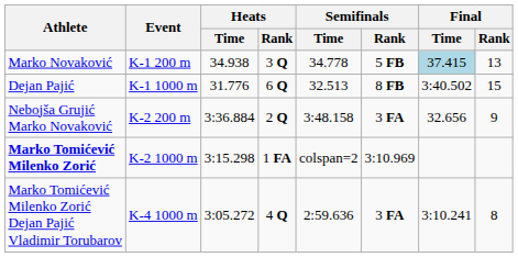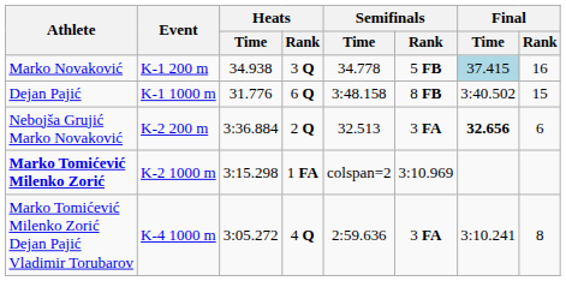 <table class=wikitable style="font-size:90%">
 <tr>
 <th rowspan="2">Athlete</th>
 <th rowspan="2">Event</th>
 <th colspan=2>Heats</th>
 <th colspan=2>Semifinals</th>
 <th colspan=2>Final</th>
 </tr>
 <tr style="font-size:95%">
 <th>Time</th>
 <th>Rank</th>
 <th>Time</th>
 <th>Rank</th>
 <th>Time</th>
 <th>Rank</th>
 </tr>
 <tr align=center>
 <td align=left><a href='#'>Marko Novaković</a></td>
 <td align=left><a href='#'>K-1 200 m</a></td>
 <td>34.938</td>
 <td>3 <strong>Q</strong></td>
 <td>34.778</td>
 <td>5 <strong>FB</strong></td>
 <td style="background: lightblue;">37.415</td>
-<td>13</td>
+<td>16</td>
 </tr>
 <tr align=center>
 <td align=left><a href='#'>Dejan Pajić</a></td>
 <td align=left><a href='#'>K-1 1000 m</a></td>
 <td>31.776</td>
 <td>6 <strong>Q</strong></td>
-<td>32.513</td>
+<td>3:48.158</td>
 <td>8 <strong>FB</strong></td>
 <td>3:40.502</td>
 <td>15</td>
 </tr>
 <tr align=center>
 <td align=left><a href='#'>Nebojša Grujić</a><br> <a href='#'>Marko Novaković</a></td>
 <td align=left><a href='#'>K-2 200 m</a></td>
 <td>3:36.884</td>
 <td>2 <strong>Q</strong></td>
-<td>3:48.158</td>
+<td>32.513</td>
 <td>3 <strong>FA</strong></td>
-<td>32.656</td>
-<td>9</td>
+<td><strong>32.656</strong></td>
+<td>6</td>
 </tr>
 <tr align=center>
 <td align=left><strong><a href='#'>Marko Tomićević</a><br><a href='#'>Milenko Zorić</a></strong></td>
 <td align=left><a href='#'>K-2 1000 m</a></td>
 <td>3:15.298</td>
 <td>1 <strong>FA</strong></td>
 <td>colspan=2 </td>
 <td>3:10.969</td>
 <td></td>
 </tr>
 <tr align=center>
 <td align=left><a href='#'>Marko Tomićević</a><br><a href='#'>Milenko Zorić</a><br><a href='#'>Dejan Pajić</a><br><a href='#'>Vladimir Torubarov</a></td>
 <td align=left><a href='#'>K-4 1000 m</a></td>
 <td>3:05.272</td>
 <td>4 <strong>Q</strong></td>
 <td>2:59.636</td>
 <td>3 <strong>FA</strong></td>
 <td>3:10.241</td>
 <td>8</td>
 </tr>
 </table>
